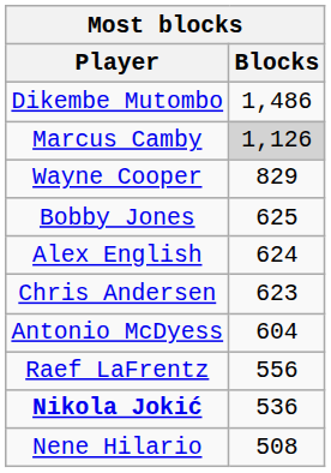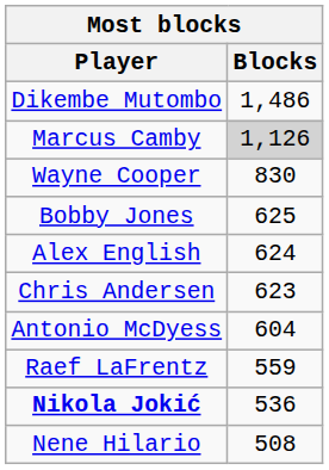 <table class="wikitable sortable" style="text-align:center">
 <tr>
 <th colspan="2" style="text-align:center; ">Most blocks</th>
 </tr>
 <tr>
 <th style="text-align:center; ">Player</th>
 <th style="text-align:center; ">Blocks</th>
 </tr>
 <tr>
 <td><a href='#'>Dikembe Mutombo</a></td>
 <td>1,486</td>
 </tr>
 <tr>
 <td><a href='#'>Marcus Camby</a></td>
 <td style="background: lightgrey;">1,126</td>
 </tr>
 <tr>
 <td><a href='#'>Wayne Cooper</a></td>
-<td>829</td>
+<td>830</td>
 </tr>
 <tr>
 <td><a href='#'>Bobby Jones</a></td>
 <td>625</td>
 </tr>
 <tr>
 <td><a href='#'>Alex English</a></td>
 <td>624</td>
 </tr>
 <tr>
 <td><a href='#'>Chris Andersen</a></td>
 <td>623</td>
 </tr>
 <tr>
 <td><a href='#'>Antonio McDyess</a></td>
 <td>604</td>
 </tr>
 <tr>
 <td><a href='#'>Raef LaFrentz</a></td>
-<td>556</td>
+<td>559</td>
 </tr>
 <tr>
 <td><strong><a href='#'>Nikola Jokić</a></strong></td>
 <td>536</td>
 </tr>
 <tr>
 <td><a href='#'>Nene Hilario</a></td>
 <td>508</td>
 </tr>
 </table>
